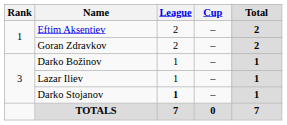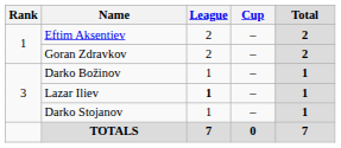 <table class="wikitable" style="text-align: center;">
 <tr>
 <th width=40>Rank</th>
 <th width=180>Name</th>
 <th width=50><a href='#'>League</a></th>
 <th width=50><a href='#'>Cup</a></th>
 <th width=70 style="background: #DCDCDC">Total</th>
 </tr>
 <tr>
 <td rowspan=2>1</td>
 <td style="text-align:left;"> <a href='#'>Eftim Aksentiev</a></td>
 <td>2</td>
 <td>–</td>
 <th style="background: #DCDCDC"><strong>2</strong></th>
 </tr>
 <tr>
 <td style="text-align:left;"> Goran Zdravkov</td>
 <td>2</td>
 <td>–</td>
 <th style="background: #DCDCDC"><strong>2</strong></th>
 </tr>
 <tr>
 <td rowspan=3>3</td>
 <td style="text-align:left;"> Darko Božinov</td>
 <td>1</td>
 <td>–</td>
 <th style="background: #DCDCDC"><strong>1</strong></th>
 </tr>
 <tr>
 <td style="text-align:left;"> Lazar Iliev</td>
-<td>1</td>
+<td><strong>1</strong></td>
 <td>–</td>
 <th style="background: #DCDCDC"><strong>1</strong></th>
 </tr>
 <tr>
 <td style="text-align:left;"> Darko Stojanov</td>
-<td><strong>1</strong></td>
+<td>1</td>
 <td>–</td>
 <th style="background: #DCDCDC"><strong>1</strong></th>
 </tr>
 <tr>
 <td></td>
 <th style="background: #DCDCDC"><strong>TOTALS</strong></th>
 <th style="background: #DCDCDC"><strong>7</strong></th>
 <th style="background: #DCDCDC"><strong>0</strong></th>
 <th style="background: #DCDCDC"><strong>7</strong></th>
 </tr>
 </table>
